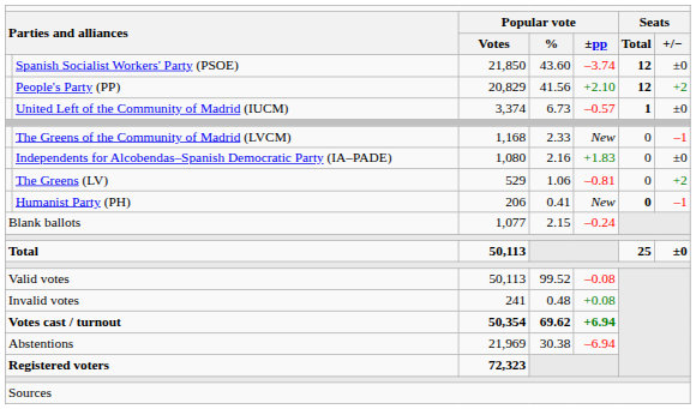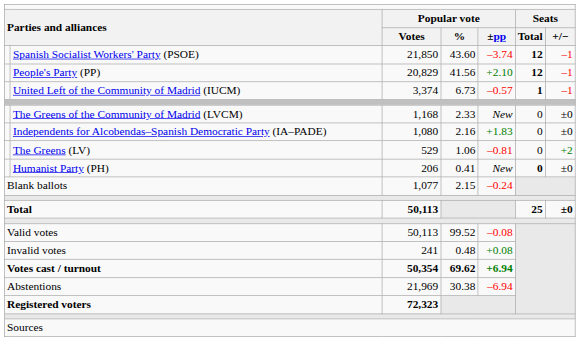 <table class="wikitable" style="text-align:right;">
 <tr>
 <td colspan="7"></td>
 </tr>
 <tr>
 <th style="text-align:left;" rowspan="2" colspan="2" width="525">Parties and alliances</th>
 <th colspan="3">Popular vote</th>
 <th colspan="2">Seats</th>
 </tr>
 <tr>
 <th width="75">Votes</th>
 <th width="45">%</th>
 <th width="45">±<a href='#'>pp</a></th>
 <th width="35">Total</th>
 <th width="35">+/−</th>
 </tr>
 <tr>
 <td width="1" style="color:inherit;background:"></td>
 <td align="left"><a href='#'>Spanish Socialist Workers' Party</a> (PSOE)</td>
 <td>21,850</td>
 <td>43.60</td>
 <td style="color:red;">–3.74</td>
 <td><strong>12</strong></td>
-<td>±0</td>
+<td style="color:red;">–1</td>
 </tr>
 <tr>
 <td style="color:inherit;background:"></td>
 <td align="left"><a href='#'>People's Party</a> (PP)</td>
 <td>20,829</td>
 <td>41.56</td>
 <td style="color:green;">+2.10</td>
 <td><strong>12</strong></td>
-<td style="color:green;">+2</td>
+<td style="color:red;">–1</td>
 </tr>
 <tr>
 <td style="color:inherit;background:"></td>
 <td align="left"><a href='#'>United Left of the Community of Madrid</a> (IUCM)</td>
 <td>3,374</td>
 <td>6.73</td>
 <td style="color:red;">–0.57</td>
 <td><strong>1</strong></td>
-<td>±0</td>
+<td style="color:red;">–1</td>
 </tr>
 <tr>
 <td colspan="7" bgcolor="#C0C0C0"></td>
 </tr>
 <tr>
 <td style="color:inherit;background:"></td>
 <td align="left"><a href='#'>The Greens of the Community of Madrid</a> (LVCM)</td>
 <td>1,168</td>
 <td>2.33</td>
 <td><em>New</em></td>
 <td>0</td>
-<td style="color:red;">–1</td>
+<td>±0</td>
 </tr>
 <tr>
 <td style="color:inherit;background:"></td>
 <td align="left"><a href='#'>Independents for Alcobendas–Spanish Democratic Party</a> (IA–PADE)</td>
 <td>1,080</td>
 <td>2.16</td>
 <td style="color:green;">+1.83</td>
 <td>0</td>
 <td>±0</td>
 </tr>
 <tr>
 <td style="color:inherit;background:"></td>
 <td align="left"><a href='#'>The Greens</a> (LV)</td>
 <td>529</td>
 <td>1.06</td>
 <td style="color:red;">–0.81</td>
 <td>0</td>
 <td style="color:green;">+2</td>
 </tr>
 <tr>
 <td style="color:inherit;background:"></td>
 <td align="left"><a href='#'>Humanist Party</a> (PH)</td>
 <td>206</td>
 <td>0.41</td>
 <td><em>New</em></td>
 <td><strong>0</strong></td>
-<td style="color:red;">–1</td>
+<td>±0</td>
 </tr>
 <tr>
 <td align="left" colspan="2">Blank ballots</td>
 <td>1,077</td>
 <td>2.15</td>
 <td style="color:red;">–0.24</td>
 <td bgcolor="#E9E9E9" colspan="2"></td>
 </tr>
 <tr>
 <td colspan="7" bgcolor="#E9E9E9"></td>
 </tr>
 <tr style="font-weight:bold;">
 <td align="left" colspan="2">Total</td>
 <td>50,113</td>
 <td bgcolor="#E9E9E9" colspan="2"></td>
 <td>25</td>
 <td>±0</td>
 </tr>
 <tr>
 <td colspan="7" bgcolor="#E9E9E9"></td>
 </tr>
 <tr>
 <td align="left" colspan="2">Valid votes</td>
 <td>50,113</td>
 <td>99.52</td>
 <td style="color:red;">–0.08</td>
 <td bgcolor="#E9E9E9" colspan="2" rowspan="5"></td>
 </tr>
 <tr>
 <td align="left" colspan="2">Invalid votes</td>
 <td>241</td>
 <td>0.48</td>
 <td style="color:green;">+0.08</td>
 </tr>
 <tr style="font-weight:bold;">
 <td align="left" colspan="2">Votes cast / turnout</td>
 <td>50,354</td>
 <td>69.62</td>
 <td style="color:green;">+6.94</td>
 </tr>
 <tr>
 <td align="left" colspan="2">Abstentions</td>
 <td>21,969</td>
 <td>30.38</td>
 <td style="color:red;">–6.94</td>
 </tr>
 <tr style="font-weight:bold;">
 <td align="left" colspan="2">Registered voters</td>
 <td>72,323</td>
 <td bgcolor="#E9E9E9" colspan="2"></td>
 </tr>
 <tr>
 <td colspan="7" bgcolor="#E9E9E9"></td>
 </tr>
 <tr>
 <td align="left" colspan="7">Sources</td>
 </tr>
 </table>
